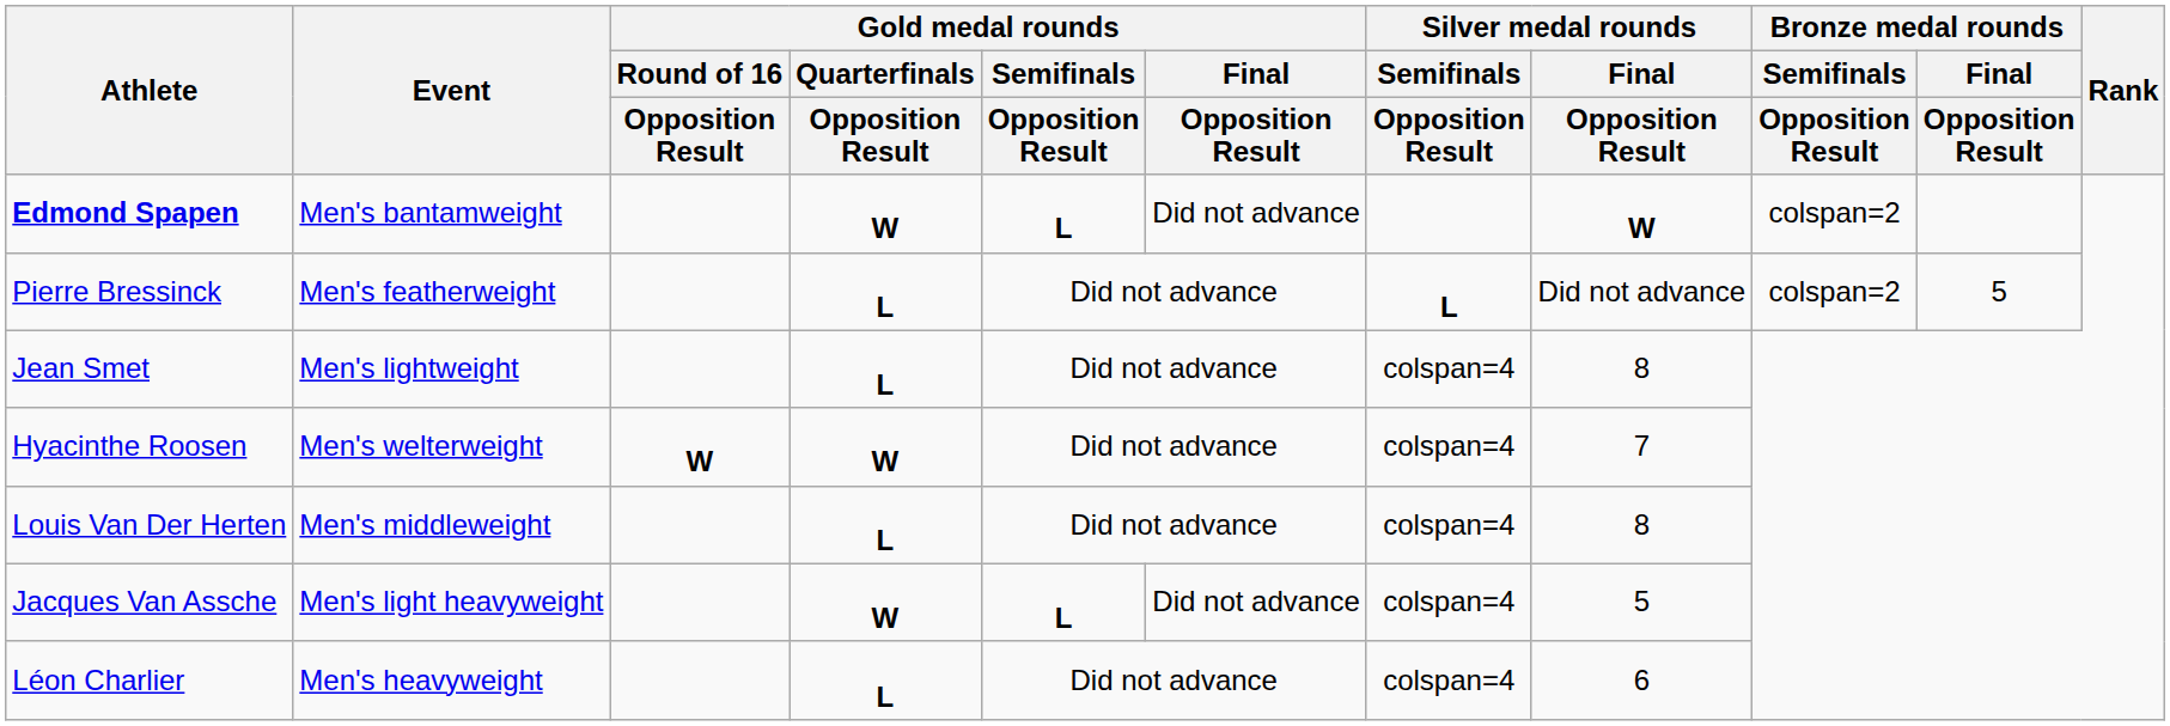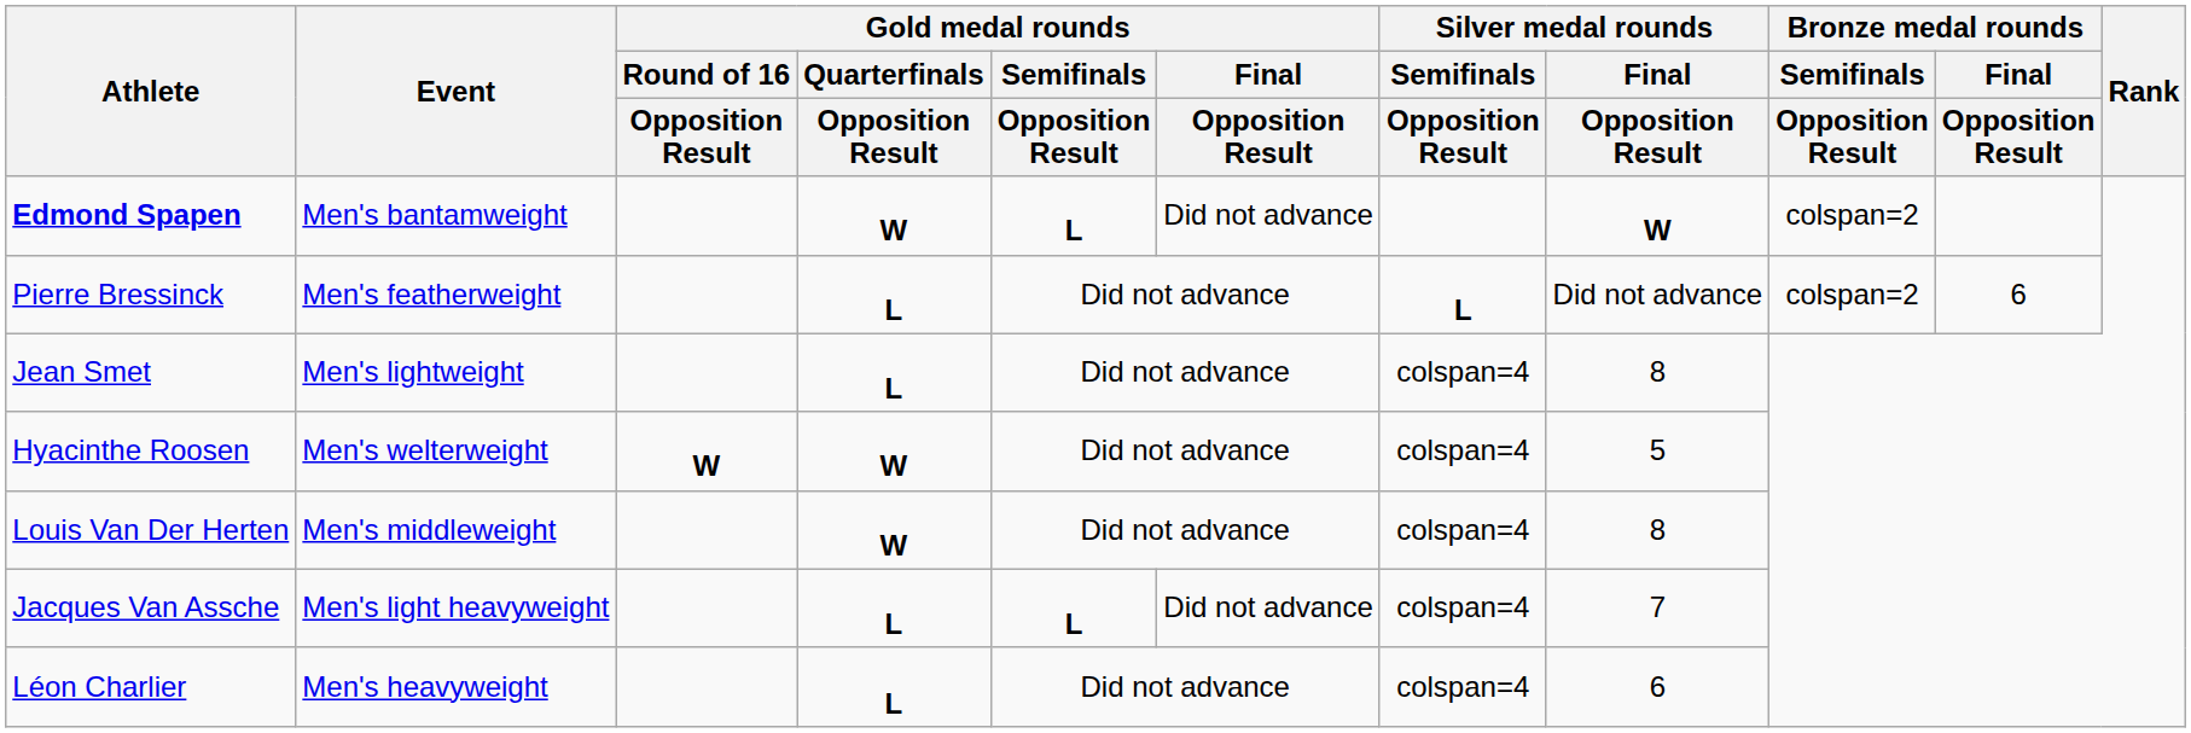 <table class=wikitable style=text-align:center>
 <tr>
 <th rowspan=3>Athlete</th>
 <th rowspan=3>Event</th>
 <th colspan=4>Gold medal rounds</th>
 <th colspan=2>Silver medal rounds</th>
 <th colspan=2>Bronze medal rounds</th>
 <th rowspan=3>Rank</th>
 </tr>
 <tr>
 <th>Round of 16</th>
 <th>Quarterfinals</th>
 <th>Semifinals</th>
 <th>Final</th>
 <th>Semifinals</th>
 <th>Final</th>
 <th>Semifinals</th>
 <th>Final</th>
 </tr>
 <tr>
 <th>Opposition<br>Result</th>
 <th>Opposition<br>Result</th>
 <th>Opposition<br>Result</th>
 <th>Opposition<br>Result</th>
 <th>Opposition<br>Result</th>
 <th>Opposition<br>Result</th>
 <th>Opposition<br>Result</th>
 <th>Opposition<br>Result</th>
 </tr>
 <tr>
 <td align=left><strong><a href='#'>Edmond Spapen</a></strong></td>
 <td align=left><a href='#'>Men's bantamweight</a></td>
 <td></td>
 <td><br><strong>W</strong></td>
 <td><br><strong>L</strong></td>
 <td>Did not advance</td>
 <td></td>
 <td><br><strong>W</strong></td>
 <td>colspan=2 </td>
 <td></td>
 </tr>
 <tr>
 <td align=left><a href='#'>Pierre Bressinck</a></td>
 <td align=left><a href='#'>Men's featherweight</a></td>
 <td></td>
 <td><br><strong>L</strong></td>
 <td colspan=2>Did not advance</td>
 <td><br><strong>L</strong></td>
 <td>Did not advance</td>
 <td>colspan=2 </td>
-<td>5</td>
+<td>6</td>
 </tr>
 <tr>
 <td align=left><a href='#'>Jean Smet</a></td>
 <td align=left><a href='#'>Men's lightweight</a></td>
 <td></td>
 <td><br><strong>L</strong></td>
 <td colspan=2>Did not advance</td>
 <td>colspan=4 </td>
 <td>8</td>
 </tr>
 <tr>
 <td align=left><a href='#'>Hyacinthe Roosen</a></td>
 <td align=left><a href='#'>Men's welterweight</a></td>
 <td><br><strong>W</strong></td>
 <td><br><strong>W</strong></td>
 <td colspan=2>Did not advance</td>
 <td>colspan=4 </td>
-<td>7</td>
+<td>5</td>
 </tr>
 <tr>
 <td align=left><a href='#'>Louis Van Der Herten</a></td>
 <td align=left><a href='#'>Men's middleweight</a></td>
 <td></td>
-<td><br><strong>L</strong></td>
+<td><br><strong>W</strong></td>
 <td colspan=2>Did not advance</td>
 <td>colspan=4 </td>
 <td>8</td>
 </tr>
 <tr>
 <td align=left><a href='#'>Jacques Van Assche</a></td>
 <td align=left><a href='#'>Men's light heavyweight</a></td>
 <td></td>
-<td><br><strong>W</strong></td>
+<td><br><strong>L</strong></td>
 <td><br><strong>L</strong></td>
 <td>Did not advance</td>
 <td>colspan=4 </td>
-<td>5</td>
+<td>7</td>
 </tr>
 <tr>
 <td align=left><a href='#'>Léon Charlier</a></td>
 <td align=left><a href='#'>Men's heavyweight</a></td>
 <td></td>
 <td><br><strong>L</strong></td>
 <td colspan=2>Did not advance</td>
 <td>colspan=4 </td>
 <td>6</td>
 </tr>
 </table>
